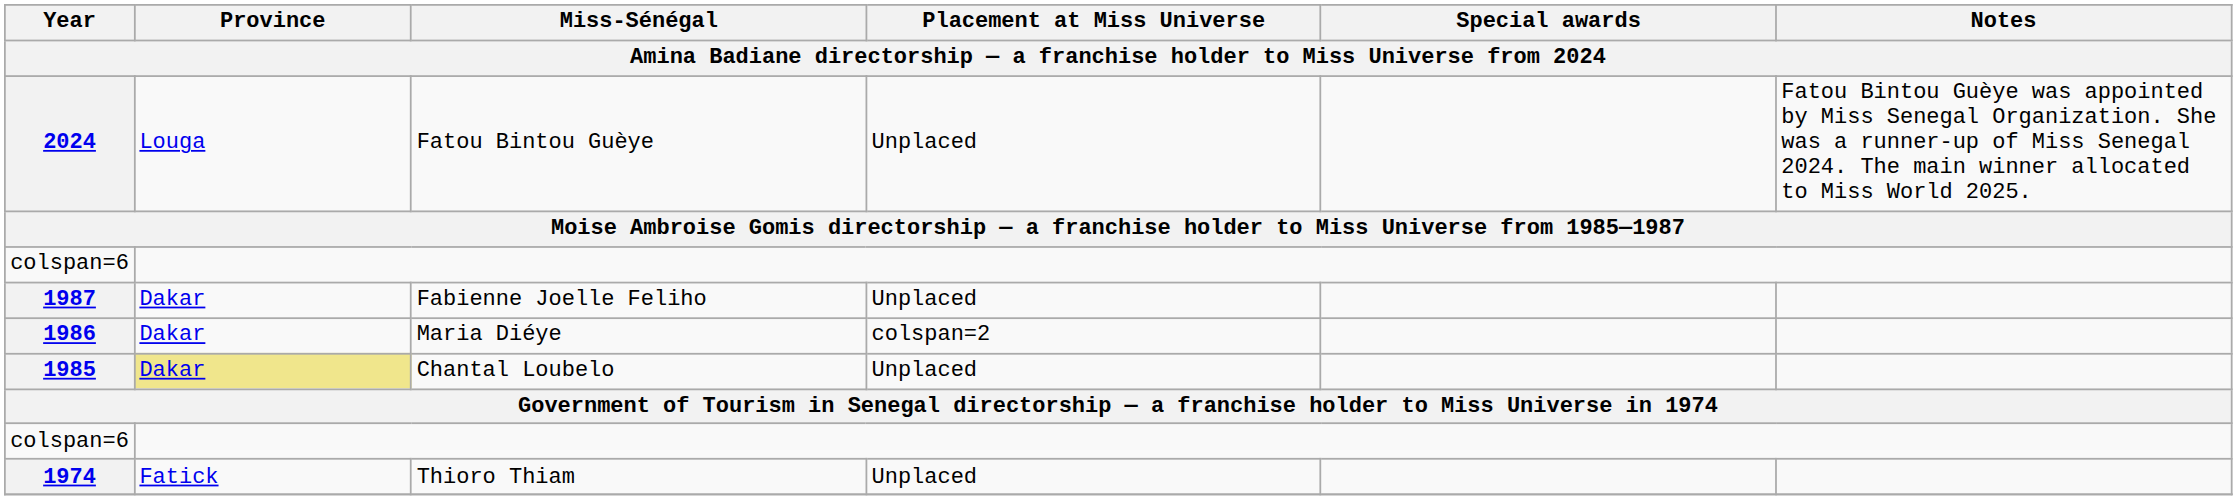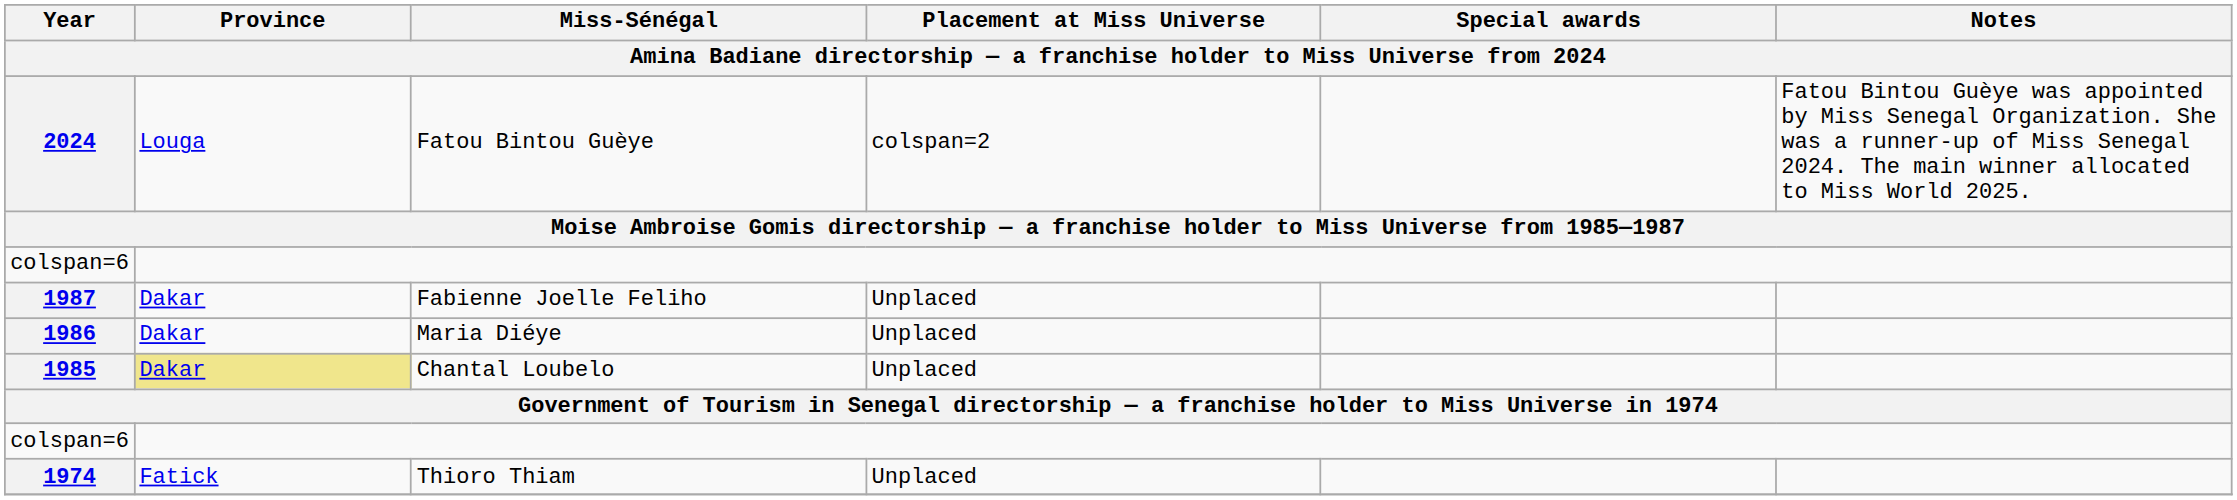 <table class="wikitable " style="font-size: 95%;">
 <tr>
 <th width="60">Year</th>
 <th width="150">Province</th>
 <th width="250">Miss-Sénégal</th>
 <th width="250">Placement at Miss Universe</th>
 <th width="250">Special awards</th>
 <th width="250">Notes</th>
 </tr>
 <tr>
 <th colspan="6">Amina Badiane directorship — a franchise holder to Miss Universe from 2024</th>
 </tr>
 <tr>
 <th><a href='#'>2024</a></th>
 <td><a href='#'>Louga</a></td>
 <td>Fatou Bintou Guèye</td>
-<td>Unplaced</td>
+<td>colspan=2 </td>
 <td></td>
 <td>Fatou Bintou Guèye was appointed by Miss Senegal Organization. She was a runner-up of Miss Senegal 2024. The main winner allocated to Miss World 2025.</td>
 </tr>
 <tr>
 <th colspan="6">Moise Ambroise Gomis directorship — a franchise holder to Miss Universe from 1985―1987</th>
 </tr>
 <tr>
 <td>colspan=6 </td>
 </tr>
 <tr>
 <th><a href='#'>1987</a></th>
 <td><a href='#'>Dakar</a></td>
 <td>Fabienne Joelle Feliho</td>
 <td>Unplaced</td>
 <td></td>
 <td></td>
 </tr>
 <tr>
 <th><a href='#'>1986</a></th>
 <td><a href='#'>Dakar</a></td>
 <td>Maria Diéye</td>
-<td>colspan=2 </td>
+<td>Unplaced</td>
 <td></td>
 </tr>
 <tr>
 <th><a href='#'>1985</a></th>
 <td style="background: khaki;"><a href='#'>Dakar</a></td>
 <td>Chantal Loubelo</td>
 <td>Unplaced</td>
 <td></td>
 <td></td>
 </tr>
 <tr>
 <th colspan="6">Government of Tourism in Senegal directorship — a franchise holder to Miss Universe in 1974</th>
 </tr>
 <tr>
 <td>colspan=6 </td>
 </tr>
 <tr>
 <th><a href='#'>1974</a></th>
 <td><a href='#'>Fatick</a></td>
 <td>Thioro Thiam</td>
 <td>Unplaced</td>
 <td></td>
 <td></td>
 </tr>
 <tr>
 </tr>
 </table>
